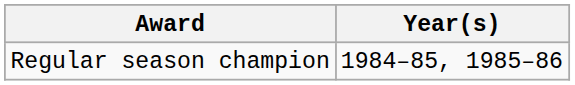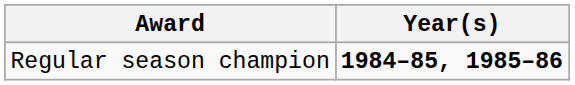 <table class="wikitable">
 <tr>
 <th>Award</th>
 <th>Year(s)</th>
 </tr>
 <tr>
 <td>Regular season champion</td>
-<td>1984–85, 1985–86</td>
+<td><strong>1984–85, 1985–86</strong></td>
 </tr>
 </table>
